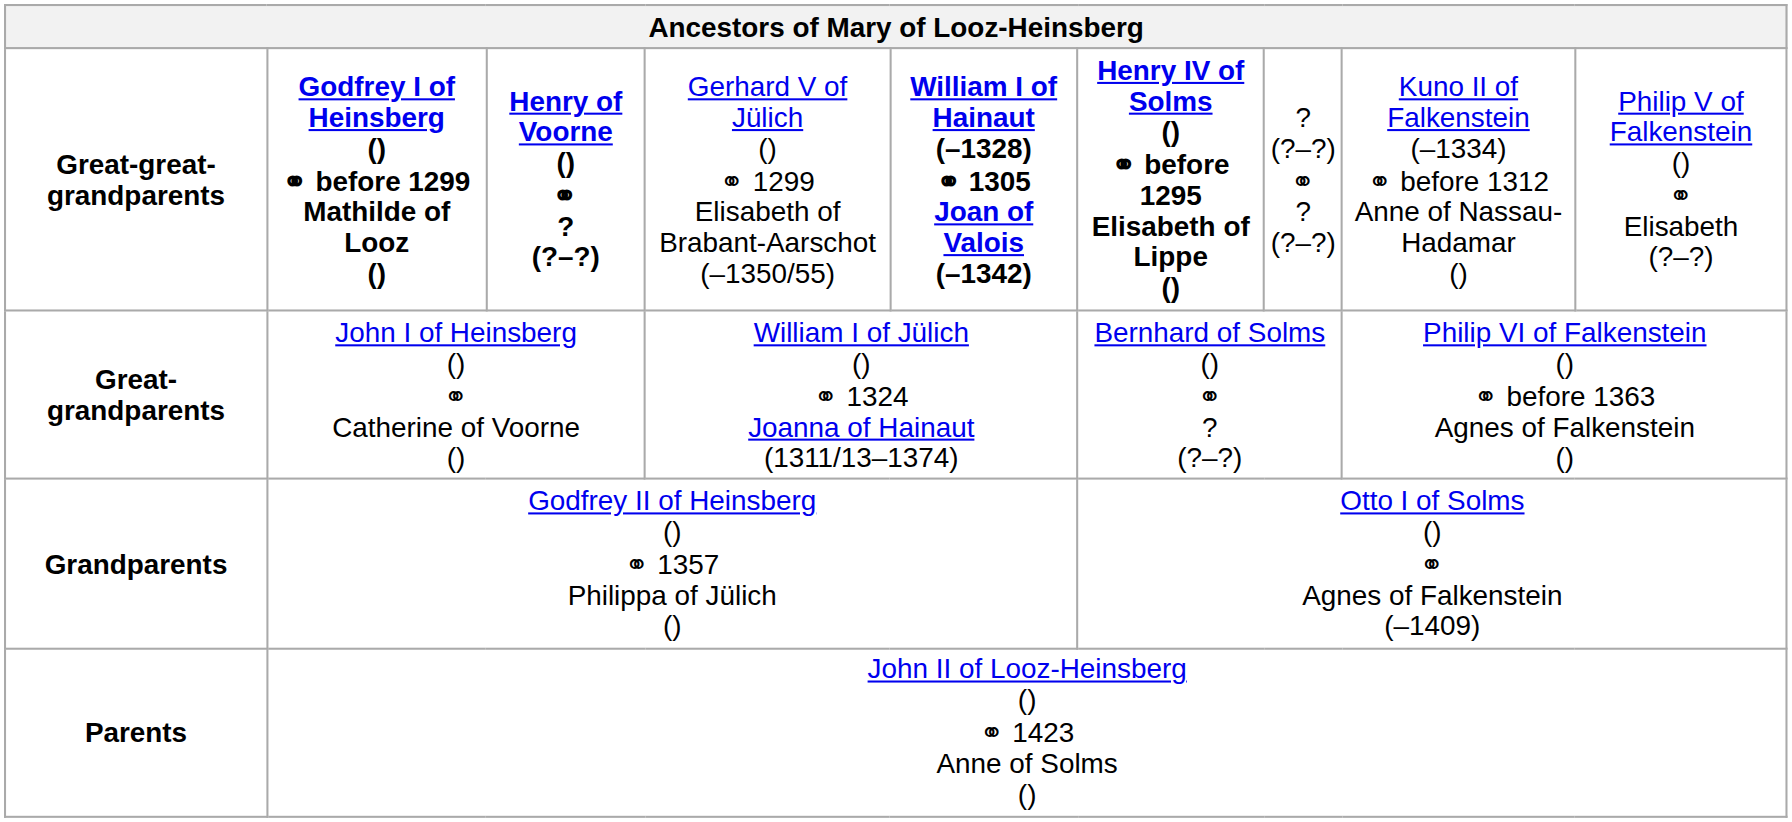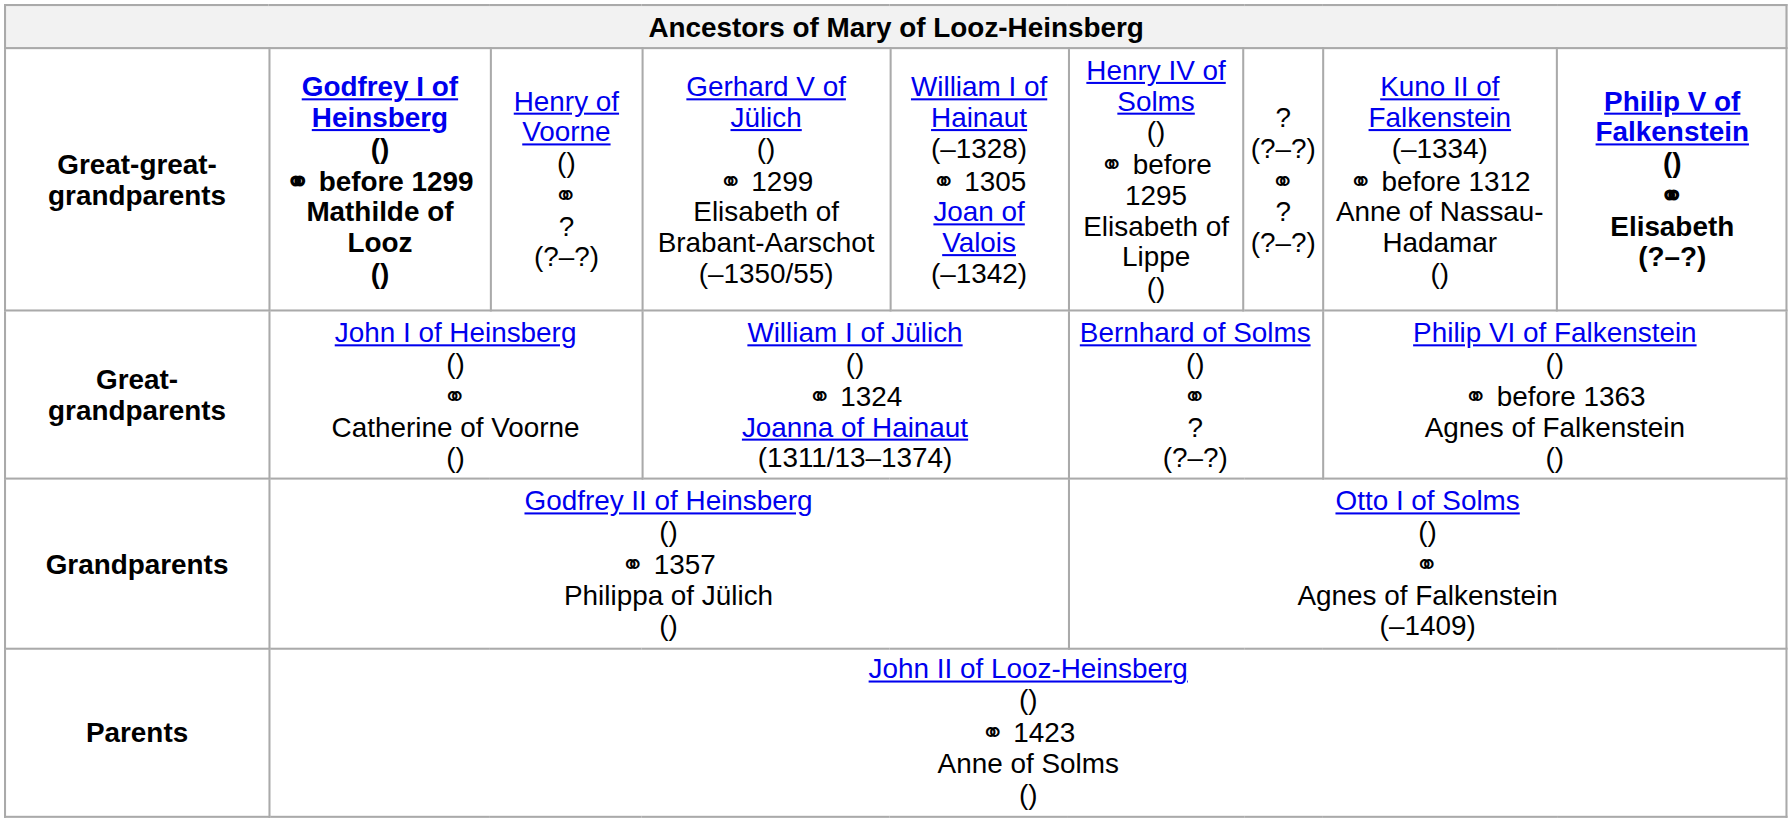 <table class="wikitable" style="background:#FFFFFF; font-size:85%; text-align:center">
 <tr bgcolor="#E0E0E0">
 <th colspan="9">Ancestors of Mary of Looz-Heinsberg</th>
 </tr>
 <tr>
 <td><strong>Great-great-grandparents</strong></td>
 <td colspan="1"><strong><a href='#'>Godfrey I of Heinsberg</a><br>()<br>⚭ before 1299<br>Mathilde of Looz<br>()</strong></td>
-<td colspan="1"><strong><a href='#'>Henry of Voorne</a><br>()<br>⚭<br>?<br>(?–?)</strong></td>
+<td colspan="1"><a href='#'>Henry of Voorne</a><br>()<br>⚭<br>?<br>(?–?)</td>
 <td colspan="1"><a href='#'>Gerhard&nbsp;V of Jülich</a><br>()<br>⚭ 1299<br>Elisabeth of Brabant-Aarschot<br>(–1350/55)</td>
-<td colspan="1"><strong><a href='#'>William I of Hainaut</a><br>(–1328)<br>⚭ 1305<br><a href='#'>Joan of Valois</a><br>(–1342)</strong></td>
-<td colspan="1"><strong><a href='#'>Henry IV of Solms</a><br>()<br>⚭ before 1295<br>Elisabeth of Lippe<br>()</strong></td>
+<td colspan="1"><a href='#'>William I of Hainaut</a><br>(–1328)<br>⚭ 1305<br><a href='#'>Joan of Valois</a><br>(–1342)</td>
+<td colspan="1"><a href='#'>Henry IV of Solms</a><br>()<br>⚭ before 1295<br>Elisabeth of Lippe<br>()</td>
 <td colspan="1">?<br>(?–?)<br>⚭<br>?<br>(?–?)</td>
 <td colspan="1"><a href='#'>Kuno II of Falkenstein</a><br>(–1334)<br>⚭ before 1312<br>Anne of Nassau-Hadamar<br>()</td>
-<td colspan="1"><a href='#'>Philip V of Falkenstein</a><br>()<br>⚭<br>Elisabeth<br>(?–?)</td>
+<td colspan="1"><strong><a href='#'>Philip V of Falkenstein</a><br>()<br>⚭<br>Elisabeth<br>(?–?)</strong></td>
 </tr>
 <tr>
 <td><strong>Great-grandparents</strong></td>
 <td colspan="2"><a href='#'>John I of Heinsberg</a><br>()<br>⚭ <br>Catherine of Voorne<br>()</td>
 <td colspan="2"><a href='#'>William I of Jülich</a><br>()<br>⚭ 1324<br><a href='#'>Joanna of Hainaut</a><br>(1311/13–1374)</td>
 <td colspan="2"><a href='#'>Bernhard of Solms</a><br>()<br>⚭<br>?<br>(?–?)</td>
 <td colspan="2"><a href='#'>Philip VI of Falkenstein</a><br>()<br>⚭ before 1363<br>Agnes of Falkenstein<br>()</td>
 </tr>
 <tr>
 <td><strong>Grandparents</strong></td>
 <td colspan="4"><a href='#'>Godfrey II of Heinsberg</a><br>()<br>⚭ 1357<br>Philippa of Jülich<br>()</td>
 <td colspan="4"><a href='#'>Otto I of Solms</a><br>()<br>⚭<br>Agnes of Falkenstein<br>(–1409)</td>
 </tr>
 <tr>
 <td><strong>Parents</strong></td>
 <td colspan="8"><a href='#'>John II of Looz-Heinsberg</a><br>()<br>⚭ 1423<br>Anne of Solms<br>()</td>
 </tr>
 </table>
